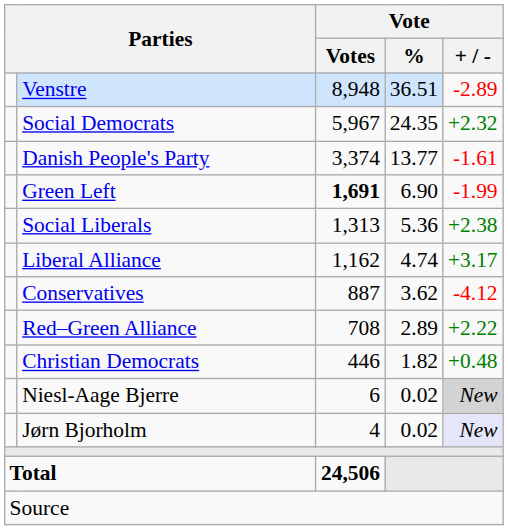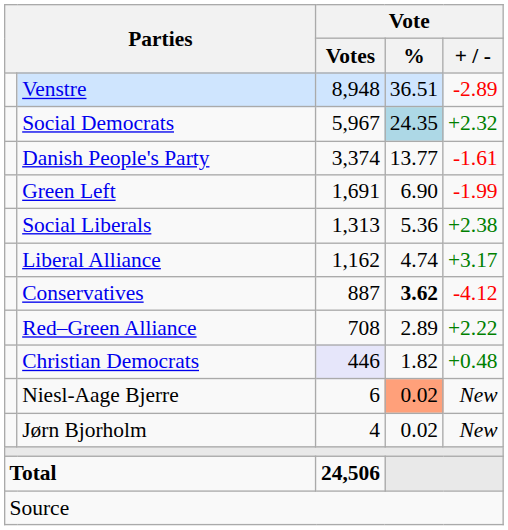 <table class="wikitable" style="text-align:right;">
 <tr>
 <th style="text-align:centre;" rowspan="2" colspan="2" width="225">Parties</th>
 <th colspan="3">Vote</th>
 </tr>
 <tr>
 <th width="15">Votes</th>
 <th width="15">%</th>
 <th width="15">+ / -</th>
 </tr>
 <tr>
 <td width="2" style="color:inherit;background:"></td>
 <td bgcolor=#cfe5fe  align="left"><a href='#'>Venstre</a></td>
 <td bgcolor=#cfe5fe>8,948</td>
 <td bgcolor=#cfe5fe>36.51</td>
 <td style=color:red;>-2.89</td>
 </tr>
 <tr>
 <td width="2" style="color:inherit;background:"></td>
 <td align="left"><a href='#'>Social Democrats</a></td>
 <td>5,967</td>
-<td>24.35</td>
+<td style="background: lightblue;">24.35</td>
 <td style=color:green;>+2.32</td>
 </tr>
 <tr>
 <td width="2" style="color:inherit;background:"></td>
 <td align="left"><a href='#'>Danish People's Party</a></td>
 <td>3,374</td>
 <td>13.77</td>
 <td style=color:red;>-1.61</td>
 </tr>
 <tr>
 <td width="2" style="color:inherit;background:"></td>
 <td align="left"><a href='#'>Green Left</a></td>
-<td><strong>1,691</strong></td>
+<td>1,691</td>
 <td>6.90</td>
 <td style=color:red;>-1.99</td>
 </tr>
 <tr>
 <td width="2" style="color:inherit;background:"></td>
 <td align="left"><a href='#'>Social Liberals</a></td>
 <td>1,313</td>
 <td>5.36</td>
 <td style=color:green;>+2.38</td>
 </tr>
 <tr>
 <td width="2" style="color:inherit;background:"></td>
 <td align="left"><a href='#'>Liberal Alliance</a></td>
 <td>1,162</td>
 <td>4.74</td>
 <td style=color:green;>+3.17</td>
 </tr>
 <tr>
 <td width="2" style="color:inherit;background:"></td>
 <td align="left"><a href='#'>Conservatives</a></td>
 <td>887</td>
-<td>3.62</td>
+<td><strong>3.62</strong></td>
 <td style=color:red;>-4.12</td>
 </tr>
 <tr>
 <td width="2" style="color:inherit;background:"></td>
 <td align="left"><a href='#'>Red–Green Alliance</a></td>
 <td>708</td>
 <td>2.89</td>
 <td style=color:green;>+2.22</td>
 </tr>
 <tr>
 <td width="2" style="color:inherit;background:"></td>
 <td align="left"><a href='#'>Christian Democrats</a></td>
-<td>446</td>
+<td style="background: lavender;">446</td>
 <td>1.82</td>
 <td style=color:green;>+0.48</td>
 </tr>
 <tr>
 <td width="2" style="color:inherit;background:"></td>
 <td align="left">Niesl-Aage Bjerre</td>
 <td>6</td>
-<td>0.02</td>
-<td style="background: lightgrey;"><em>New</em></td>
+<td style="background: lightsalmon;">0.02</td>
+<td><em>New</em></td>
 </tr>
 <tr>
 <td width="2" style="color:inherit;background:"></td>
 <td align="left">Jørn Bjorholm</td>
 <td>4</td>
 <td>0.02</td>
-<td style="background: lavender;"><em>New</em></td>
+<td><em>New</em></td>
 </tr>
 <tr>
 <td colspan="7" bgcolor="#E9E9E9"></td>
 </tr>
 <tr>
 <td align="left" colspan="2"><strong>Total</strong></td>
 <td><strong>24,506</strong></td>
 <td bgcolor="#E9E9E9" colspan="2"></td>
 </tr>
 <tr>
 <td align="left" colspan="6">Source</td>
 </tr>
 </table>
